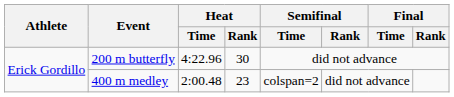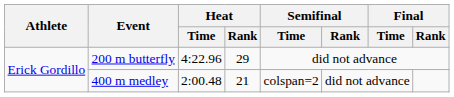 <table class="wikitable" style="text-align:center; font-size:90%">
 <tr>
 <th rowspan="2">Athlete</th>
 <th rowspan="2">Event</th>
 <th colspan="2">Heat</th>
 <th colspan="2">Semifinal</th>
 <th colspan="2">Final</th>
 </tr>
 <tr style="font-size:95%">
 <th>Time</th>
 <th>Rank</th>
 <th>Time</th>
 <th>Rank</th>
 <th>Time</th>
 <th>Rank</th>
 </tr>
 <tr>
 <td align=left rowspan=2><a href='#'>Erick Gordillo</a></td>
 <td align=left><a href='#'>200 m butterfly</a></td>
 <td>4:22.96</td>
-<td>30</td>
+<td>29</td>
 <td colspan=4>did not advance</td>
 </tr>
 <tr>
 <td align=left><a href='#'>400 m medley</a></td>
 <td>2:00.48</td>
-<td>23</td>
+<td>21</td>
 <td>colspan=2 </td>
 <td colspan=2>did not advance</td>
 </tr>
 </table>
